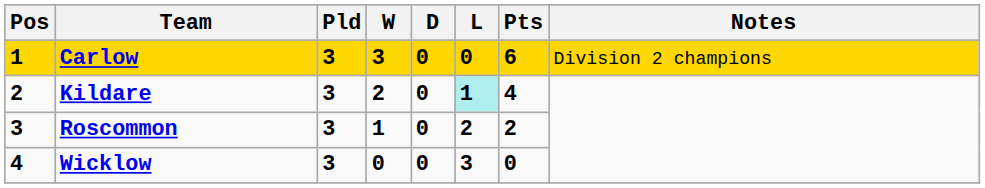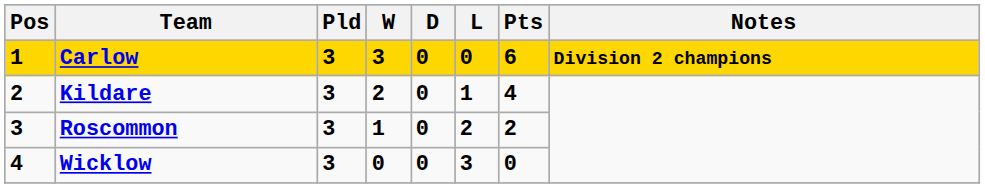 <table class="wikitable" style="text-align: centre;">
 <tr>
 <th width=20>Pos</th>
 <th width=150>Team</th>
 <th width=20>Pld</th>
 <th width=20>W</th>
 <th width=20>D</th>
 <th width=20>L</th>
 <th width=20>Pts</th>
 <th width=250>Notes</th>
 </tr>
 <tr style="background:gold;">
 <td><strong>1</strong></td>
 <td align=left><strong> <a href='#'>Carlow</a> </strong></td>
 <td><strong>3</strong></td>
 <td><strong>3</strong></td>
 <td><strong>0</strong></td>
 <td><strong>0</strong></td>
 <td><strong>6</strong></td>
-<td><small> Division 2 champions</small></td>
+<td><strong><small> Division 2 champions</small></strong></td>
 </tr>
 <tr style>
 <td><strong>2</strong></td>
 <td align=left><strong> <a href='#'>Kildare</a> </strong></td>
 <td><strong>3</strong></td>
 <td><strong>2</strong></td>
 <td><strong>0</strong></td>
-<td style="background: paleturquoise;"><strong>1</strong></td>
+<td><strong>1</strong></td>
 <td><strong>4</strong></td>
 </tr>
 <tr>
 <td><strong>3</strong></td>
 <td align=left><strong> <a href='#'>Roscommon</a> </strong></td>
 <td><strong>3</strong></td>
 <td><strong>1</strong></td>
 <td><strong>0</strong></td>
 <td><strong>2</strong></td>
 <td><strong>2</strong></td>
 </tr>
 <tr style>
 <td><strong>4</strong></td>
 <td align=left><strong> <a href='#'>Wicklow</a> </strong></td>
 <td><strong>3</strong></td>
 <td><strong>0</strong></td>
 <td><strong>0</strong></td>
 <td><strong>3</strong></td>
 <td><strong>0</strong></td>
 </tr>
 </table>
